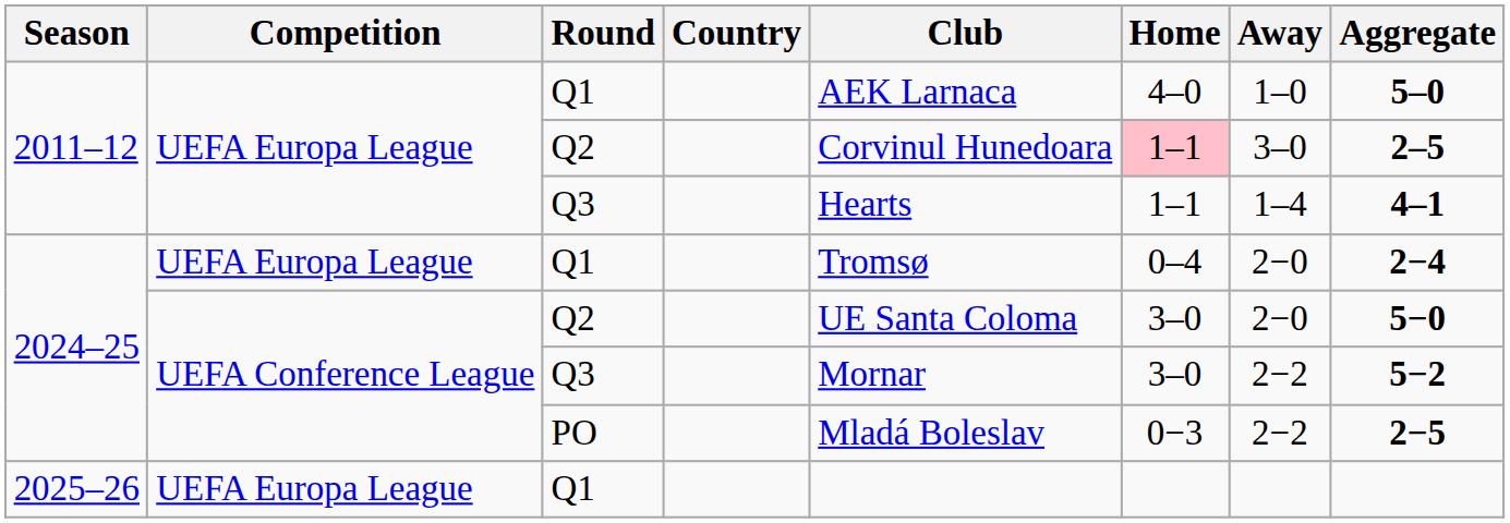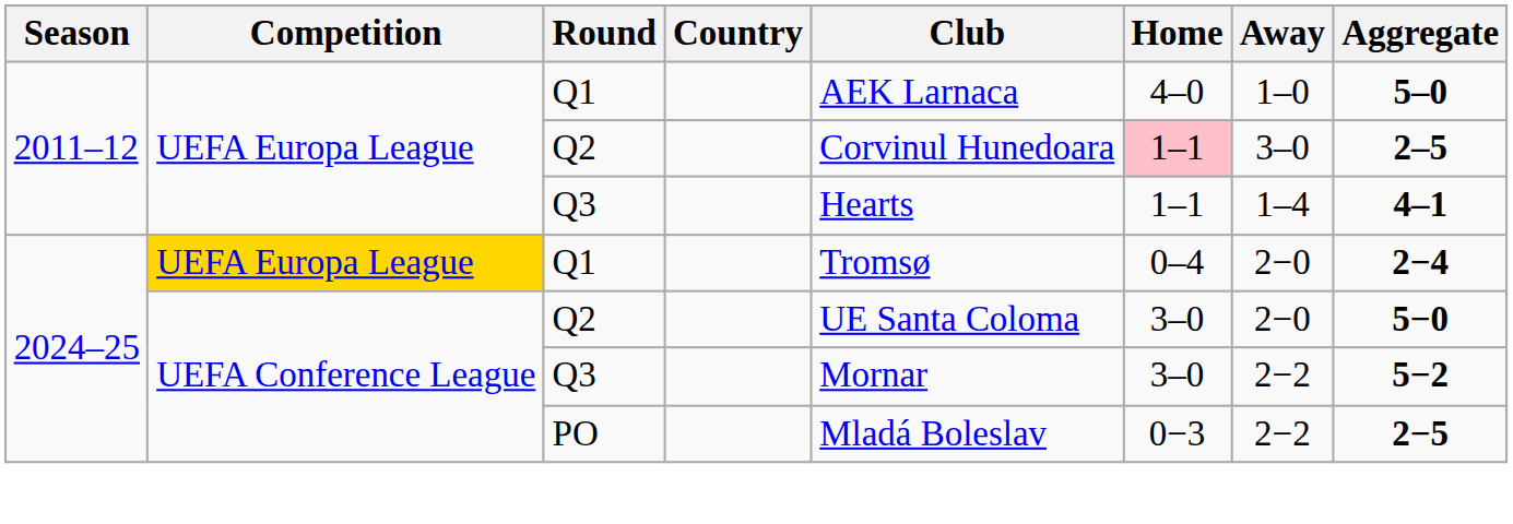 <table class="wikitable">
 <tr>
 <th>Season</th>
 <th>Competition</th>
 <th>Round</th>
 <th>Country</th>
 <th>Club</th>
 <th>Home</th>
 <th>Away</th>
 <th>Aggregate</th>
 </tr>
 <tr>
 <td rowspan="3"><a href='#'>2011–12</a></td>
 <td rowspan="3"><a href='#'>UEFA Europa League</a></td>
 <td>Q1</td>
 <td></td>
 <td><a href='#'>AEK Larnaca</a></td>
 <td style="text-align:center;">4–0</td>
 <td style="text-align:center;">1–0</td>
 <td style="text-align:center;"><strong>5–0</strong></td>
 </tr>
 <tr>
 <td>Q2</td>
 <td></td>
 <td><a href='#'>Corvinul Hunedoara</a></td>
 <td style="background: pink; text-align:center;">1–1</td>
 <td style="text-align:center;">3–0</td>
 <td style="text-align:center;"><strong>2–5</strong></td>
 </tr>
 <tr>
 <td>Q3</td>
 <td></td>
 <td><a href='#'>Hearts</a></td>
 <td style="text-align:center;">1–1</td>
 <td style="text-align:center;">1–4</td>
 <td style="text-align:center;"><strong>4–1</strong></td>
 </tr>
 <tr>
 <td rowspan="4"><a href='#'>2024–25</a></td>
-<td><a href='#'>UEFA Europa League</a></td>
+<td style="background: gold;"><a href='#'>UEFA Europa League</a></td>
 <td>Q1</td>
 <td></td>
 <td><a href='#'>Tromsø</a></td>
 <td style="text-align:center;">0–4</td>
 <td style="text-align:center;">2−0</td>
 <td style="text-align:center;"><strong>2−4</strong></td>
 </tr>
 <tr>
 <td rowspan="3"><a href='#'>UEFA Conference League</a></td>
 <td>Q2</td>
 <td></td>
 <td><a href='#'>UE Santa Coloma</a></td>
 <td style="text-align:center;">3–0</td>
 <td style="text-align:center;">2−0</td>
 <td style="text-align:center;"><strong>5−0</strong></td>
 </tr>
 <tr>
 <td>Q3</td>
 <td></td>
 <td><a href='#'>Mornar</a></td>
 <td style="text-align:center;">3–0</td>
 <td style="text-align:center;">2−2</td>
 <td style="text-align:center;"><strong>5−2</strong></td>
 </tr>
 <tr>
 <td>PO</td>
 <td></td>
 <td><a href='#'>Mladá Boleslav</a></td>
 <td style="text-align:center;">0−3</td>
 <td style="text-align:center;">2−2</td>
 <td style="text-align:center;"><strong>2−5</strong></td>
 </tr>
-<tr>
-<td><a href='#'>2025–26</a></td>
-<td><a href='#'>UEFA Europa League</a></td>
-<td>Q1</td>
-<td></td>
-<td></td>
-<td style="text-align:center;"></td>
-<td style="text-align:center;"></td>
-<td style="text-align:center;"></td>
-</tr>
 </table>
